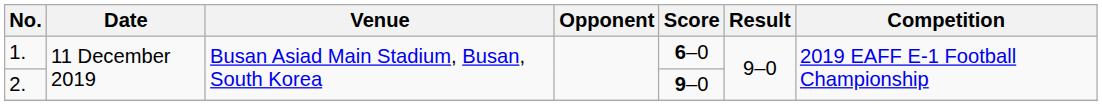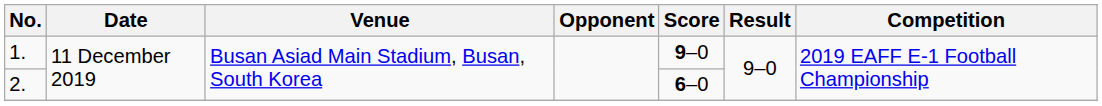 <table class="wikitable">
 <tr>
 <th>No.</th>
 <th>Date</th>
 <th>Venue</th>
 <th>Opponent</th>
 <th>Score</th>
 <th>Result</th>
 <th>Competition</th>
 </tr>
 <tr>
 <td>1.</td>
 <td rowspan="2">11 December 2019</td>
 <td rowspan="2"><a href='#'>Busan Asiad Main Stadium</a>, <a href='#'>Busan</a>, <a href='#'>South Korea</a></td>
 <td rowspan="2"></td>
-<td align=center><strong>6</strong>–0</td>
+<td align=center><strong>9</strong>–0</td>
 <td rowspan="2" align=center>9–0</td>
 <td rowspan="2"><a href='#'>2019 EAFF E-1 Football Championship</a></td>
 </tr>
 <tr>
 <td>2.</td>
-<td align=center><strong>9</strong>–0</td>
+<td align=center><strong>6</strong>–0</td>
 </tr>
 <tr>
 </tr>
 </table>
